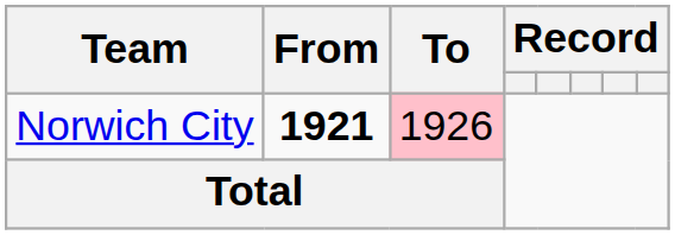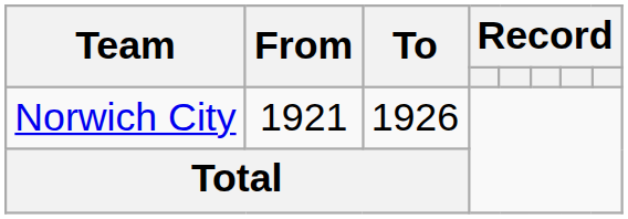 <table class=wikitable style="text-align: center">
 <tr>
 <th rowspan=2>Team</th>
 <th rowspan=2>From</th>
 <th rowspan=2>To</th>
 <th colspan=5>Record</th>
 </tr>
 <tr>
 <th></th>
 <th></th>
 <th></th>
 <th></th>
 <th></th>
 </tr>
 <tr>
 <td><a href='#'>Norwich City</a></td>
-<td><strong>1921</strong></td>
-<td style="background: pink;">1926<br></td>
+<td>1921</td>
+<td>1926<br></td>
 </tr>
 <tr>
 <th colspan=3>Total<br></th>
 </tr>
 </table>
